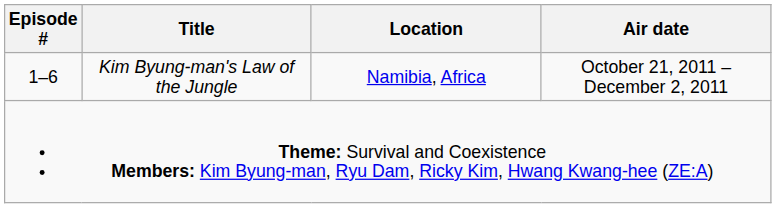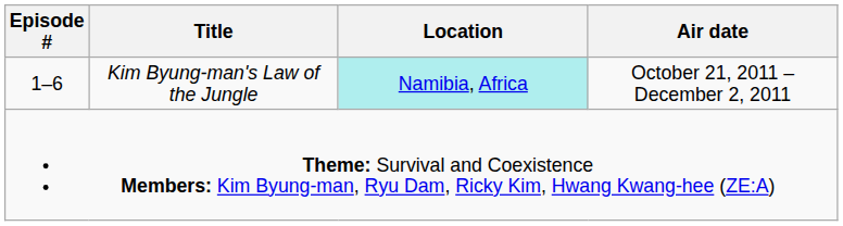 <table class="wikitable" style="text-align:center; font-size:90%; width:100%;">
 <tr>
 <th width="10%">Episode #</th>
 <th width="30%">Title</th>
 <th width="30%">Location</th>
 <th width="30%">Air date</th>
 </tr>
 <tr>
 <td>1–6</td>
 <td><em>Kim Byung-man's Law of the Jungle</em></td>
-<td><a href='#'>Namibia</a>, <a href='#'>Africa</a></td>
+<td style="background: paleturquoise;"><a href='#'>Namibia</a>, <a href='#'>Africa</a></td>
 <td>October 21, 2011 – December 2, 2011</td>
 </tr>
 <tr>
 <td colspan="4"><br><ul><li><strong>Theme:</strong> Survival and Coexistence</li><li><strong>Members:</strong> <a href='#'>Kim Byung-man</a>, <a href='#'>Ryu Dam</a>, <a href='#'>Ricky Kim</a>, <a href='#'>Hwang Kwang-hee</a> (<a href='#'>ZE:A</a>)</li></ul></td>
 </tr>
 </table>
